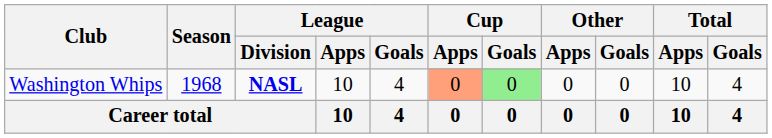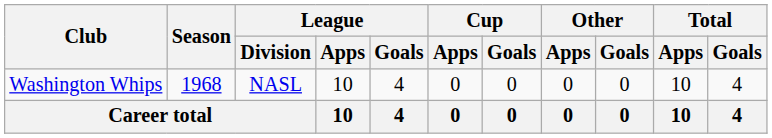 <table class="wikitable" style="text-align: center">
 <tr>
 <th rowspan="2">Club</th>
 <th rowspan="2">Season</th>
 <th colspan="3">League</th>
 <th colspan="2">Cup</th>
 <th colspan="2">Other</th>
 <th colspan="2">Total</th>
 </tr>
 <tr>
 <th>Division</th>
 <th>Apps</th>
 <th>Goals</th>
 <th>Apps</th>
 <th>Goals</th>
 <th>Apps</th>
 <th>Goals</th>
 <th>Apps</th>
 <th>Goals</th>
 </tr>
 <tr>
 <td><a href='#'>Washington Whips</a></td>
 <td><a href='#'>1968</a></td>
-<td><strong><a href='#'>NASL</a></strong></td>
+<td><a href='#'>NASL</a></td>
 <td>10</td>
 <td>4</td>
-<td style="background: lightsalmon;">0</td>
-<td style="background: lightgreen;">0</td>
+<td>0</td>
+<td>0</td>
 <td>0</td>
 <td>0</td>
 <td>10</td>
 <td>4</td>
 </tr>
 <tr>
 <th colspan="3"><strong>Career total</strong></th>
 <th>10</th>
 <th>4</th>
 <th>0</th>
 <th>0</th>
 <th>0</th>
 <th>0</th>
 <th>10</th>
 <th>4</th>
 </tr>
 </table>
